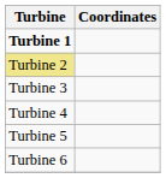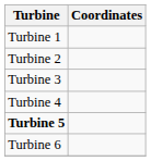 <table class="wikitable">
 <tr>
 <th>Turbine</th>
 <th>Coordinates</th>
 </tr>
 <tr>
-<td><strong>Turbine 1</strong></td>
+<td>Turbine 1</td>
 <td></td>
 </tr>
 <tr>
-<td style="background: khaki;">Turbine 2</td>
+<td>Turbine 2</td>
 <td></td>
 </tr>
 <tr>
 <td>Turbine 3</td>
 <td></td>
 </tr>
 <tr>
 <td>Turbine 4</td>
 <td></td>
 </tr>
 <tr>
-<td>Turbine 5</td>
+<td><strong>Turbine 5</strong></td>
 <td></td>
 </tr>
 <tr>
 <td>Turbine 6</td>
 <td></td>
 </tr>
 <tr>
 </tr>
 </table>
